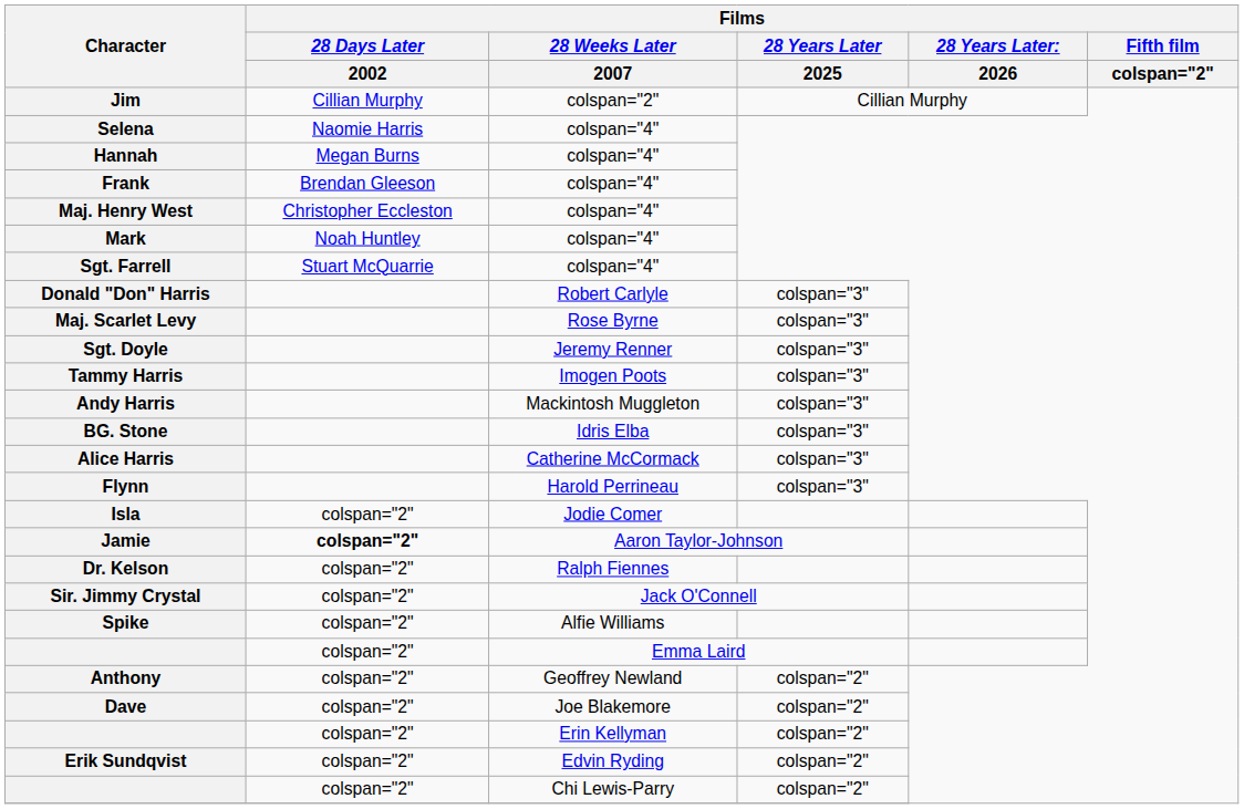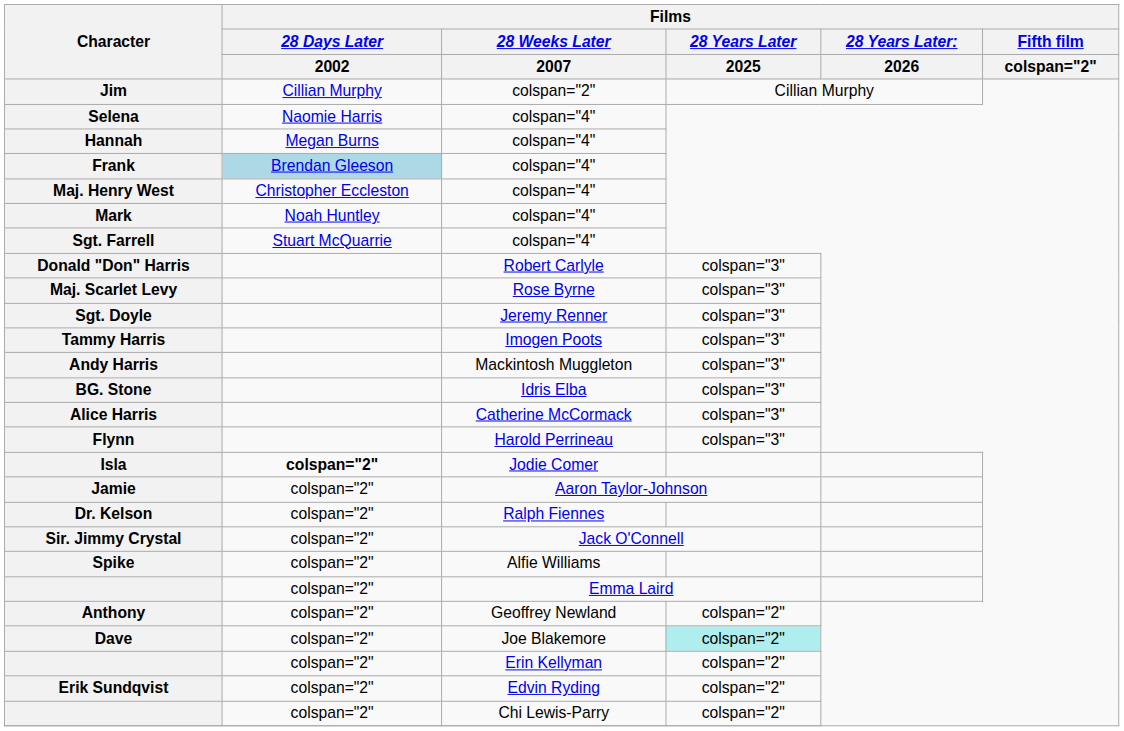 <table class="wikitable" style="text-align:center; width: 90%;">
 <tr>
 <th rowspan="3">Character</th>
 <th colspan="5">Films</th>
 </tr>
 <tr>
 <th><em><a href='#'>28 Days Later</a></em></th>
 <th><em><a href='#'>28 Weeks Later</a></em></th>
 <th><em><a href='#'>28 Years Later</a></em></th>
 <th><em><a href='#'>28 Years Later: <br></a></em></th>
 <th><a href='#'>Fifth film</a></th>
 </tr>
 <tr>
 <th>2002</th>
 <th>2007</th>
 <th>2025</th>
 <th>2026</th>
 <th>colspan="2" </th>
 </tr>
 <tr>
 <th>Jim</th>
 <td><a href='#'>Cillian Murphy</a></td>
 <td>colspan="2" </td>
 <td colspan="2">Cillian Murphy</td>
 </tr>
 <tr>
 <th>Selena</th>
 <td><a href='#'>Naomie Harris</a></td>
 <td>colspan="4" </td>
 </tr>
 <tr>
 <th>Hannah</th>
 <td><a href='#'>Megan Burns</a></td>
 <td>colspan="4" </td>
 </tr>
 <tr>
 <th>Frank</th>
-<td><a href='#'>Brendan Gleeson</a></td>
+<td style="background: lightblue;"><a href='#'>Brendan Gleeson</a></td>
 <td>colspan="4" </td>
 </tr>
 <tr>
 <th>Maj. Henry West</th>
 <td><a href='#'>Christopher Eccleston</a></td>
 <td>colspan="4" </td>
 </tr>
 <tr>
 <th>Mark</th>
 <td><a href='#'>Noah Huntley</a></td>
 <td>colspan="4" </td>
 </tr>
 <tr>
 <th>Sgt. Farrell</th>
 <td><a href='#'>Stuart McQuarrie</a></td>
 <td>colspan="4" </td>
 </tr>
 <tr>
 <th>Donald "Don" Harris</th>
 <td></td>
 <td><a href='#'>Robert Carlyle</a></td>
 <td>colspan="3" </td>
 </tr>
 <tr>
 <th>Maj. Scarlet Levy</th>
 <td></td>
 <td><a href='#'>Rose Byrne</a></td>
 <td>colspan="3" </td>
 </tr>
 <tr>
 <th>Sgt. Doyle</th>
 <td></td>
 <td><a href='#'>Jeremy Renner</a></td>
 <td>colspan="3" </td>
 </tr>
 <tr>
 <th>Tammy Harris</th>
 <td></td>
 <td><a href='#'>Imogen Poots</a></td>
 <td>colspan="3" </td>
 </tr>
 <tr>
 <th>Andy Harris</th>
 <td></td>
 <td>Mackintosh Muggleton</td>
 <td>colspan="3" </td>
 </tr>
 <tr>
 <th>BG. Stone</th>
 <td></td>
 <td><a href='#'>Idris Elba</a></td>
 <td>colspan="3" </td>
 </tr>
 <tr>
 <th>Alice Harris</th>
 <td></td>
 <td><a href='#'>Catherine McCormack</a></td>
 <td>colspan="3" </td>
 </tr>
 <tr>
 <th>Flynn</th>
 <td></td>
 <td><a href='#'>Harold Perrineau</a></td>
 <td>colspan="3" </td>
 </tr>
 <tr>
 <th>Isla</th>
-<td>colspan="2" </td>
+<td><strong>colspan="2" </strong></td>
 <td><a href='#'>Jodie Comer</a></td>
 <td></td>
 <td></td>
 </tr>
 <tr>
 <th>Jamie</th>
-<td><strong>colspan="2" </strong></td>
+<td>colspan="2" </td>
 <td colspan="2"><a href='#'>Aaron Taylor-Johnson</a></td>
 <td></td>
 </tr>
 <tr>
 <th>Dr. Kelson</th>
 <td>colspan="2" </td>
 <td><a href='#'>Ralph Fiennes</a></td>
 <td></td>
 <td></td>
 </tr>
 <tr>
 <th>Sir. Jimmy Crystal</th>
 <td>colspan="2" </td>
 <td colspan="2"><a href='#'>Jack O'Connell</a></td>
 <td></td>
 </tr>
 <tr>
 <th>Spike</th>
 <td>colspan="2" </td>
 <td>Alfie Williams</td>
 <td></td>
 <td></td>
 </tr>
 <tr>
 <th></th>
 <td>colspan="2" </td>
 <td colspan="2"><a href='#'>Emma Laird</a></td>
 <td></td>
 </tr>
 <tr>
 <th>Anthony</th>
 <td>colspan="2" </td>
 <td>Geoffrey Newland</td>
 <td>colspan="2" </td>
 </tr>
 <tr>
 <th>Dave</th>
 <td>colspan="2" </td>
 <td>Joe Blakemore</td>
-<td>colspan="2" </td>
+<td style="background: paleturquoise;">colspan="2" </td>
 </tr>
 <tr>
 <th></th>
 <td>colspan="2" </td>
 <td><a href='#'>Erin Kellyman</a></td>
 <td>colspan="2" </td>
 </tr>
 <tr>
 <th>Erik Sundqvist</th>
 <td>colspan="2" </td>
 <td><a href='#'>Edvin Ryding</a></td>
 <td>colspan="2" </td>
 </tr>
 <tr>
 <th></th>
 <td>colspan="2" </td>
 <td>Chi Lewis-Parry</td>
 <td>colspan="2" </td>
 </tr>
 <tr>
 </tr>
 </table>
